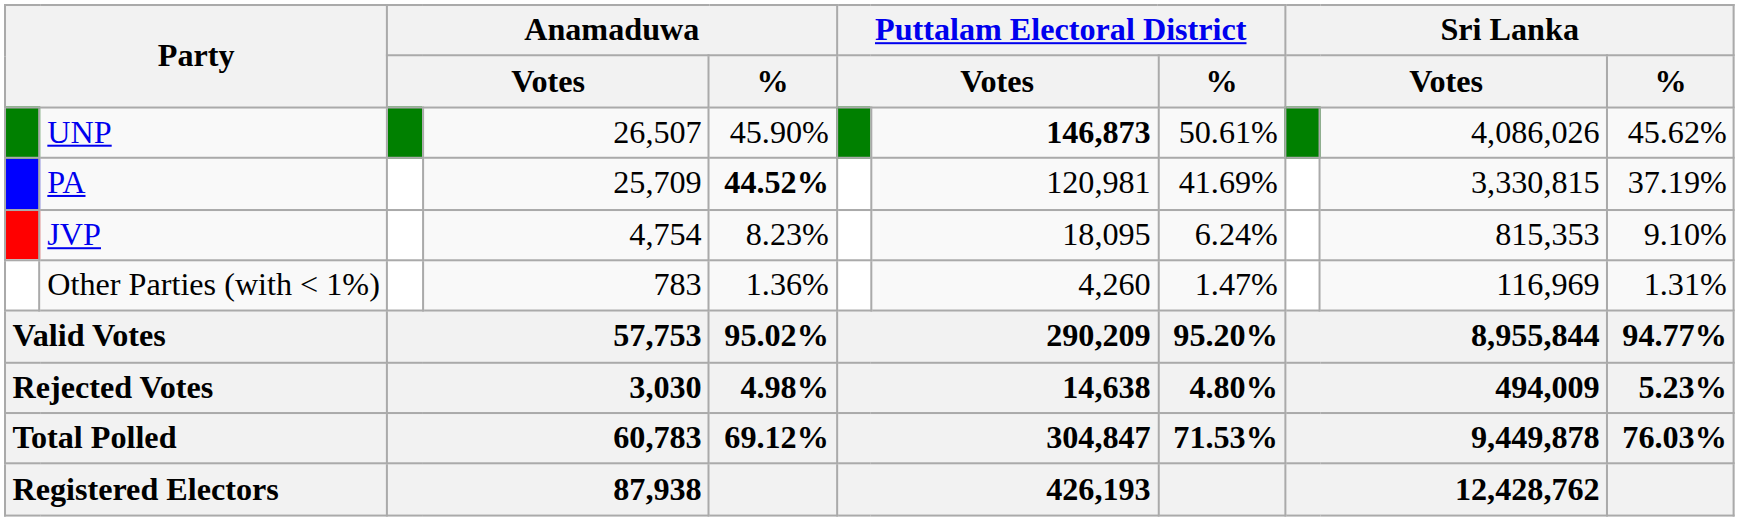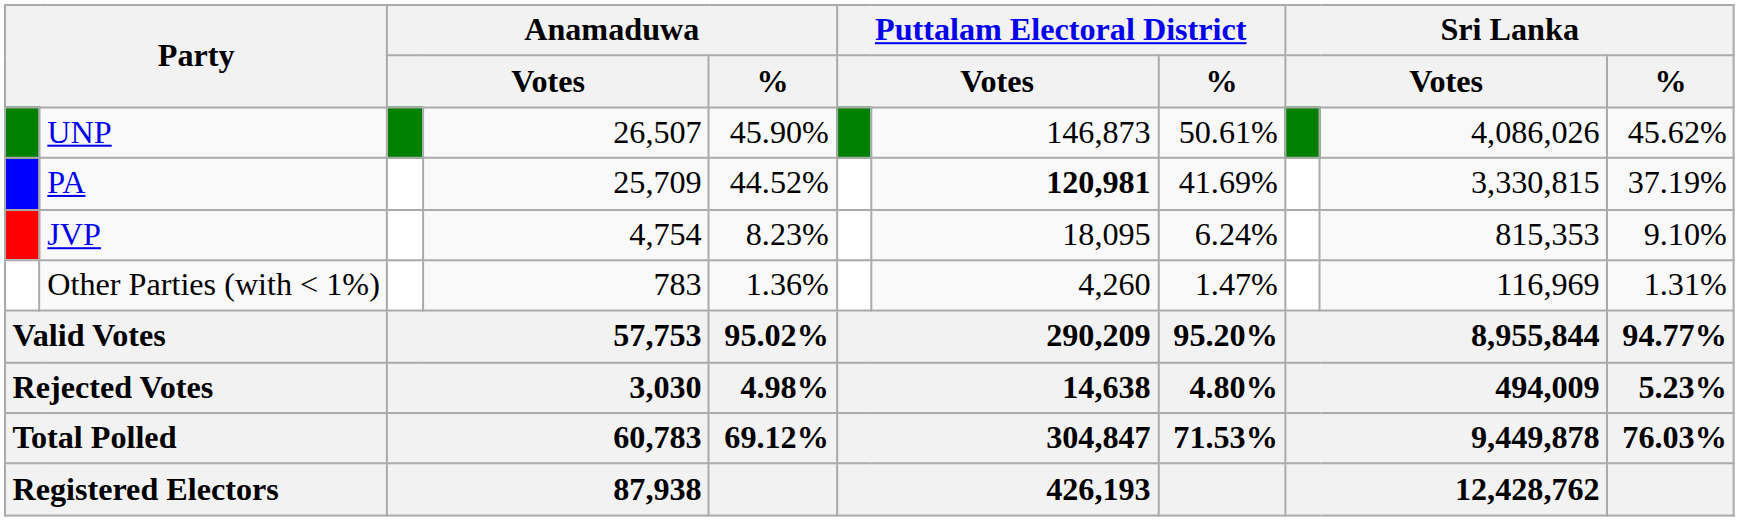 <table class="wikitable">
 <tr>
 <th colspan="2" width="144px"rowspan="2">Party</th>
 <th colspan="3" width="216px">Anamaduwa</th>
 <th colspan="3" width="216px"><a href='#'>Puttalam Electoral District</a></th>
 <th colspan="3" width="216px">Sri Lanka</th>
 </tr>
 <tr>
 <th colspan="2" width="144px">Votes</th>
 <th>%</th>
 <th colspan="2" width="144px">Votes</th>
 <th>%</th>
 <th colspan="2" width="144px">Votes</th>
 <th>%</th>
 </tr>
 <tr>
 <td style="background-color:green;" width="10px"></td>
 <td style="text-align:left;"><a href='#'>UNP</a></td>
 <td style="background-color:green;" width="10px"></td>
 <td style="text-align:right;">26,507</td>
 <td style="text-align:right;">45.90%</td>
 <td style="background-color:green;" width="10px"></td>
-<td style="text-align:right;"><strong>146,873</strong></td>
+<td style="text-align:right;">146,873</td>
 <td style="text-align:right;">50.61%</td>
 <td style="background-color:green;" width="10px"></td>
 <td style="text-align:right;">4,086,026</td>
 <td style="text-align:right;">45.62%</td>
 </tr>
 <tr>
 <td style="background-color:blue;" width="10px"></td>
 <td style="text-align:left;"><a href='#'>PA</a></td>
 <td style="background-color:white;" width="10px"></td>
 <td style="text-align:right;">25,709</td>
-<td style="text-align:right;"><strong>44.52%</strong></td>
+<td style="text-align:right;">44.52%</td>
 <td style="background-color:white;" width="10px"></td>
-<td style="text-align:right;">120,981</td>
+<td style="text-align:right;"><strong>120,981</strong></td>
 <td style="text-align:right;">41.69%</td>
 <td style="background-color:white;" width="10px"></td>
 <td style="text-align:right;">3,330,815</td>
 <td style="text-align:right;">37.19%</td>
 </tr>
 <tr>
 <td style="background-color:red;" width="10px"></td>
 <td style="text-align:left;"><a href='#'>JVP</a></td>
 <td style="background-color:white;" width="10px"></td>
 <td style="text-align:right;">4,754</td>
 <td style="text-align:right;">8.23%</td>
 <td style="background-color:white;" width="10px"></td>
 <td style="text-align:right;">18,095</td>
 <td style="text-align:right;">6.24%</td>
 <td style="background-color:white;" width="10px"></td>
 <td style="text-align:right;">815,353</td>
 <td style="text-align:right;">9.10%</td>
 </tr>
 <tr>
 <td style="background-color:white;" width="10px"></td>
 <td style="text-align:left;">Other Parties (with < 1%)</td>
 <td style="background-color:white;" width="10px"></td>
 <td style="text-align:right;">783</td>
 <td style="text-align:right;">1.36%</td>
 <td style="background-color:white;" width="10px"></td>
 <td style="text-align:right;">4,260</td>
 <td style="text-align:right;">1.47%</td>
 <td style="background-color:white;" width="10px"></td>
 <td style="text-align:right;">116,969</td>
 <td style="text-align:right;">1.31%</td>
 </tr>
 <tr>
 <th colspan="2" width="144px"style="text-align:left;">Valid Votes</th>
 <th style="text-align:right;"colspan="2" width="144px">57,753</th>
 <th style="text-align:right;">95.02%</th>
 <th style="text-align:right;"colspan="2" width="144px">290,209</th>
 <th style="text-align:right;">95.20%</th>
 <th style="text-align:right;"colspan="2" width="144px">8,955,844</th>
 <th style="text-align:right;">94.77%</th>
 </tr>
 <tr>
 <th colspan="2" width="144px"style="text-align:left;">Rejected Votes</th>
 <th style="text-align:right;"colspan="2" width="144px">3,030</th>
 <th style="text-align:right;">4.98%</th>
 <th style="text-align:right;"colspan="2" width="144px">14,638</th>
 <th style="text-align:right;">4.80%</th>
 <th style="text-align:right;"colspan="2" width="144px">494,009</th>
 <th style="text-align:right;">5.23%</th>
 </tr>
 <tr>
 <th colspan="2" width="144px"style="text-align:left;">Total Polled</th>
 <th style="text-align:right;"colspan="2" width="144px">60,783</th>
 <th style="text-align:right;">69.12%</th>
 <th style="text-align:right;"colspan="2" width="144px">304,847</th>
 <th style="text-align:right;">71.53%</th>
 <th style="text-align:right;"colspan="2" width="144px">9,449,878</th>
 <th style="text-align:right;">76.03%</th>
 </tr>
 <tr>
 <th colspan="2" width="144px"style="text-align:left;">Registered Electors</th>
 <th style="text-align:right;"colspan="2" width="144px">87,938</th>
 <th></th>
 <th style="text-align:right;"colspan="2" width="144px">426,193</th>
 <th></th>
 <th style="text-align:right;"colspan="2" width="144px">12,428,762</th>
 <th></th>
 </tr>
 </table>
